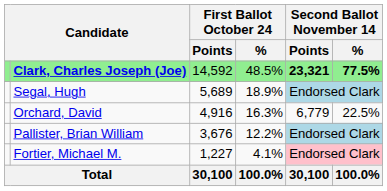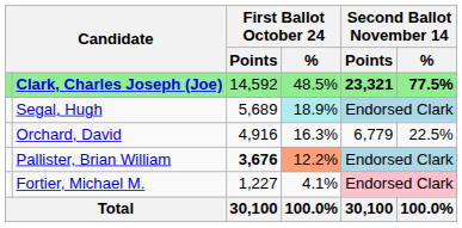 <table class="wikitable">
 <tr>
 <th rowspan="2" colspan="2">Candidate</th>
 <th colspan="2">First Ballot<br>October 24</th>
 <th colspan="2">Second Ballot<br>November 14</th>
 </tr>
 <tr>
 <th>Points</th>
 <th>%</th>
 <th>Points</th>
 <th>%</th>
 </tr>
 <tr style="background:lightgreen;">
 <td></td>
 <td><strong><a href='#'>Clark, Charles Joseph (Joe)</a></strong></td>
 <td align="right">14,592</td>
 <td align="right">48.5%</td>
 <td align="right"><strong>23,321</strong></td>
 <td align="right"><strong>77.5%</strong></td>
 </tr>
 <tr>
 <td></td>
 <td><a href='#'>Segal, Hugh</a></td>
 <td align="right">5,689</td>
-<td align="right">18.9%</td>
+<td align="right" style="background: paleturquoise;">18.9%</td>
 <td style="text-align:center; background:lightblue;" colspan="2">Endorsed Clark</td>
 </tr>
 <tr>
 <td></td>
 <td><a href='#'>Orchard, David</a></td>
 <td align="right">4,916</td>
 <td align="right">16.3%</td>
 <td align="right">6,779</td>
 <td align="right">22.5%</td>
 </tr>
 <tr>
 <td></td>
 <td><a href='#'>Pallister, Brian William</a></td>
-<td align="right">3,676</td>
-<td align="right">12.2%</td>
+<td align="right"><strong>3,676</strong></td>
+<td align="right" style="background: lightsalmon;">12.2%</td>
 <td style="text-align:center; background:lightblue;" colspan="2">Endorsed Clark</td>
 </tr>
 <tr>
 <td></td>
 <td><a href='#'>Fortier, Michael M.</a></td>
 <td align="right">1,227</td>
 <td align="right">4.1%</td>
 <td style="text-align:center; background:pink;" colspan="2">Endorsed Clark</td>
 </tr>
 <tr>
 <th colspan="2">Total</th>
 <th align="right">30,100</th>
 <th align="right">100.0%</th>
 <th align="right">30,100</th>
 <th align="right">100.0%</th>
 </tr>
 </table>
